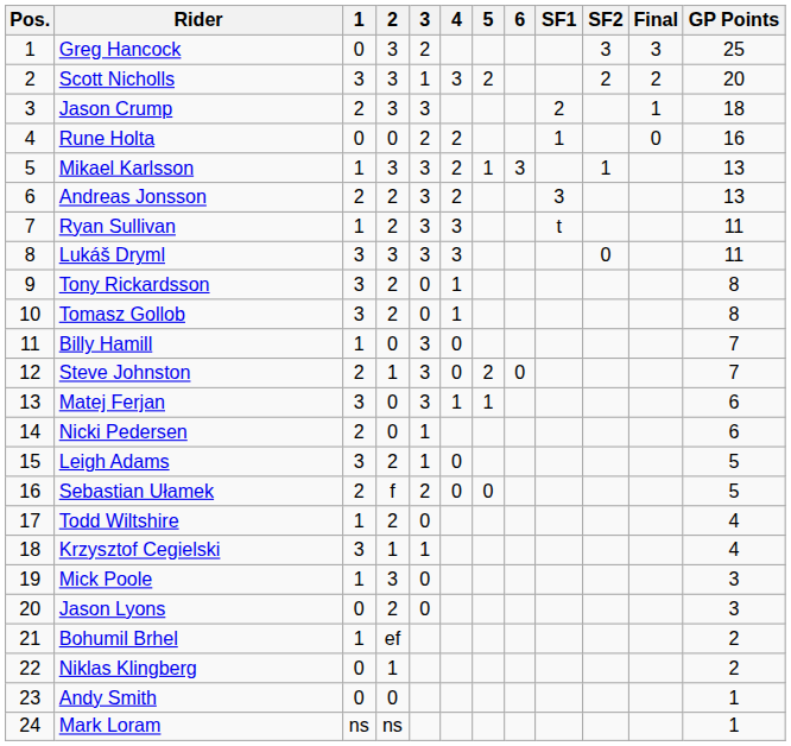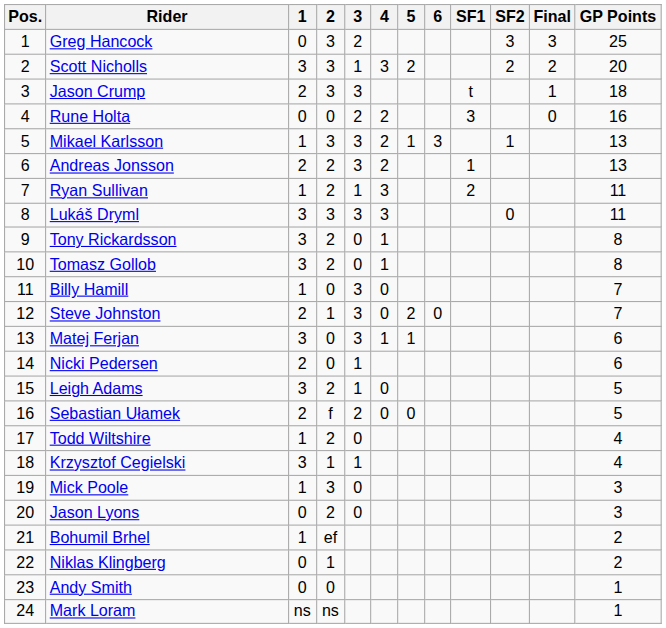 <table class=wikitable style="font-size:93%;">
 <tr>
 <th width=25px>Pos.</th>
 <th width=250px>Rider</th>
 <th width=20px>1</th>
 <th width=20px>2</th>
 <th width=20px>3</th>
 <th width=20px>4</th>
 <th width=20px>5</th>
 <th width=20px>6</th>
 <th width=30px>SF1</th>
 <th width=30px>SF2</th>
 <th width=30px>Final</th>
 <th width=80px>GP Points</th>
 </tr>
 <tr align=center style="background-color:">
 <td>1</td>
 <td align=left> <a href='#'>Greg Hancock</a></td>
 <td>0</td>
 <td>3</td>
 <td>2</td>
 <td></td>
 <td></td>
 <td></td>
 <td></td>
 <td>3</td>
 <td>3</td>
 <td>25</td>
 </tr>
 <tr align=center style="background-color:">
 <td>2</td>
 <td align=left> <a href='#'>Scott Nicholls</a></td>
 <td>3</td>
 <td>3</td>
 <td>1</td>
 <td>3</td>
 <td>2</td>
 <td></td>
 <td></td>
 <td>2</td>
 <td>2</td>
 <td>20</td>
 </tr>
 <tr align=center style="background-color:">
 <td>3</td>
 <td align=left> <a href='#'>Jason Crump</a></td>
 <td>2</td>
 <td>3</td>
 <td>3</td>
 <td></td>
 <td></td>
 <td></td>
-<td>2</td>
+<td>t</td>
 <td></td>
 <td>1</td>
 <td>18</td>
 </tr>
 <tr align=center>
 <td>4</td>
 <td align=left> <a href='#'>Rune Holta</a></td>
 <td>0</td>
 <td>0</td>
 <td>2</td>
 <td>2</td>
 <td></td>
 <td></td>
-<td>1</td>
+<td>3</td>
 <td></td>
 <td>0</td>
 <td>16</td>
 </tr>
 <tr align=center>
 <td>5</td>
 <td align=left> <a href='#'>Mikael Karlsson</a></td>
 <td>1</td>
 <td>3</td>
 <td>3</td>
 <td>2</td>
 <td>1</td>
 <td>3</td>
 <td></td>
 <td>1</td>
 <td></td>
 <td>13</td>
 </tr>
 <tr align=center>
 <td>6</td>
 <td align=left> <a href='#'>Andreas Jonsson</a></td>
 <td>2</td>
 <td>2</td>
 <td>3</td>
 <td>2</td>
 <td></td>
 <td></td>
-<td>3</td>
+<td>1</td>
 <td></td>
 <td></td>
 <td>13</td>
 </tr>
 <tr align=center>
 <td>7</td>
 <td align=left> <a href='#'>Ryan Sullivan</a></td>
 <td>1</td>
 <td>2</td>
-<td>3</td>
+<td>1</td>
 <td>3</td>
 <td></td>
 <td></td>
-<td>t</td>
+<td>2</td>
 <td></td>
 <td></td>
 <td>11</td>
 </tr>
 <tr align=center>
 <td>8</td>
 <td align=left> <a href='#'>Lukáš Dryml</a></td>
 <td>3</td>
 <td>3</td>
 <td>3</td>
 <td>3</td>
 <td></td>
 <td></td>
 <td></td>
 <td>0</td>
 <td></td>
 <td>11</td>
 </tr>
 <tr align=center>
 <td>9</td>
 <td align=left> <a href='#'>Tony Rickardsson</a></td>
 <td>3</td>
 <td>2</td>
 <td>0</td>
 <td>1</td>
 <td></td>
 <td></td>
 <td></td>
 <td></td>
 <td></td>
 <td>8</td>
 </tr>
 <tr align=center>
 <td>10</td>
 <td align=left> <a href='#'>Tomasz Gollob</a></td>
 <td>3</td>
 <td>2</td>
 <td>0</td>
 <td>1</td>
 <td></td>
 <td></td>
 <td></td>
 <td></td>
 <td></td>
 <td>8</td>
 </tr>
 <tr align=center>
 <td>11</td>
 <td align=left> <a href='#'>Billy Hamill</a></td>
 <td>1</td>
 <td>0</td>
 <td>3</td>
 <td>0</td>
 <td></td>
 <td></td>
 <td></td>
 <td></td>
 <td></td>
 <td>7</td>
 </tr>
 <tr align=center>
 <td>12</td>
 <td align=left> <a href='#'>Steve Johnston</a></td>
 <td>2</td>
 <td>1</td>
 <td>3</td>
 <td>0</td>
 <td>2</td>
 <td>0</td>
 <td></td>
 <td></td>
 <td></td>
 <td>7</td>
 </tr>
 <tr align=center>
 <td>13</td>
 <td align=left> <a href='#'>Matej Ferjan</a></td>
 <td>3</td>
 <td>0</td>
 <td>3</td>
 <td>1</td>
 <td>1</td>
 <td></td>
 <td></td>
 <td></td>
 <td></td>
 <td>6</td>
 </tr>
 <tr align=center>
 <td>14</td>
 <td align=left> <a href='#'>Nicki Pedersen</a></td>
 <td>2</td>
 <td>0</td>
 <td>1</td>
 <td></td>
 <td></td>
 <td></td>
 <td></td>
 <td></td>
 <td></td>
 <td>6</td>
 </tr>
 <tr align=center>
 <td>15</td>
 <td align=left> <a href='#'>Leigh Adams</a></td>
 <td>3</td>
 <td>2</td>
 <td>1</td>
 <td>0</td>
 <td></td>
 <td></td>
 <td></td>
 <td></td>
 <td></td>
 <td>5</td>
 </tr>
 <tr align=center>
 <td>16</td>
 <td align=left> <a href='#'>Sebastian Ułamek</a></td>
 <td>2</td>
 <td>f</td>
 <td>2</td>
 <td>0</td>
 <td>0</td>
 <td></td>
 <td></td>
 <td></td>
 <td></td>
 <td>5</td>
 </tr>
 <tr align=center>
 <td>17</td>
 <td align=left> <a href='#'>Todd Wiltshire</a></td>
 <td>1</td>
 <td>2</td>
 <td>0</td>
 <td></td>
 <td></td>
 <td></td>
 <td></td>
 <td></td>
 <td></td>
 <td>4</td>
 </tr>
 <tr align=center>
 <td>18</td>
 <td align=left> <a href='#'>Krzysztof Cegielski</a></td>
 <td>3</td>
 <td>1</td>
 <td>1</td>
 <td></td>
 <td></td>
 <td></td>
 <td></td>
 <td></td>
 <td></td>
 <td>4</td>
 </tr>
 <tr align=center>
 <td>19</td>
 <td align=left> <a href='#'>Mick Poole</a></td>
 <td>1</td>
 <td>3</td>
 <td>0</td>
 <td></td>
 <td></td>
 <td></td>
 <td></td>
 <td></td>
 <td></td>
 <td>3</td>
 </tr>
 <tr align=center>
 <td>20</td>
 <td align=left> <a href='#'>Jason Lyons</a></td>
 <td>0</td>
 <td>2</td>
 <td>0</td>
 <td></td>
 <td></td>
 <td></td>
 <td></td>
 <td></td>
 <td></td>
 <td>3</td>
 </tr>
 <tr align=center>
 <td>21</td>
 <td align=left> <a href='#'>Bohumil Brhel</a></td>
 <td>1</td>
 <td>ef</td>
 <td></td>
 <td></td>
 <td></td>
 <td></td>
 <td></td>
 <td></td>
 <td></td>
 <td>2</td>
 </tr>
 <tr align=center>
 <td>22</td>
 <td align=left> <a href='#'>Niklas Klingberg</a></td>
 <td>0</td>
 <td>1</td>
 <td></td>
 <td></td>
 <td></td>
 <td></td>
 <td></td>
 <td></td>
 <td></td>
 <td>2</td>
 </tr>
 <tr align=center>
 <td>23</td>
 <td align=left> <a href='#'>Andy Smith</a></td>
 <td>0</td>
 <td>0</td>
 <td></td>
 <td></td>
 <td></td>
 <td></td>
 <td></td>
 <td></td>
 <td></td>
 <td>1</td>
 </tr>
 <tr align=center>
 <td>24</td>
 <td align=left> <a href='#'>Mark Loram</a></td>
 <td>ns</td>
 <td>ns</td>
 <td></td>
 <td></td>
 <td></td>
 <td></td>
 <td></td>
 <td></td>
 <td></td>
 <td>1</td>
 </tr>
 </table>
